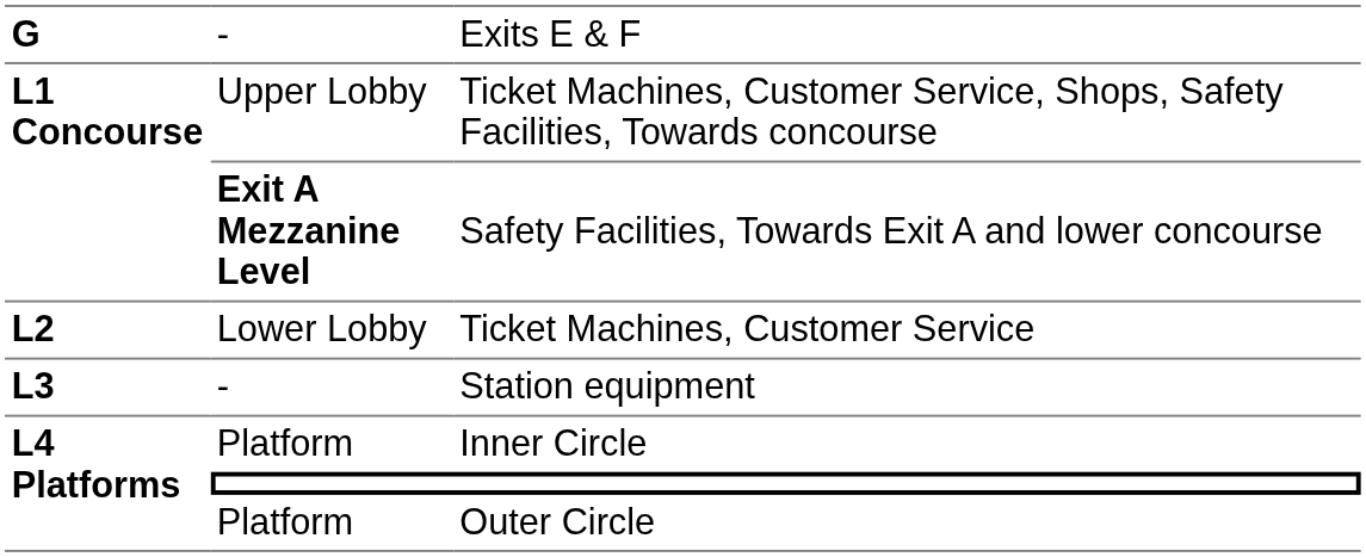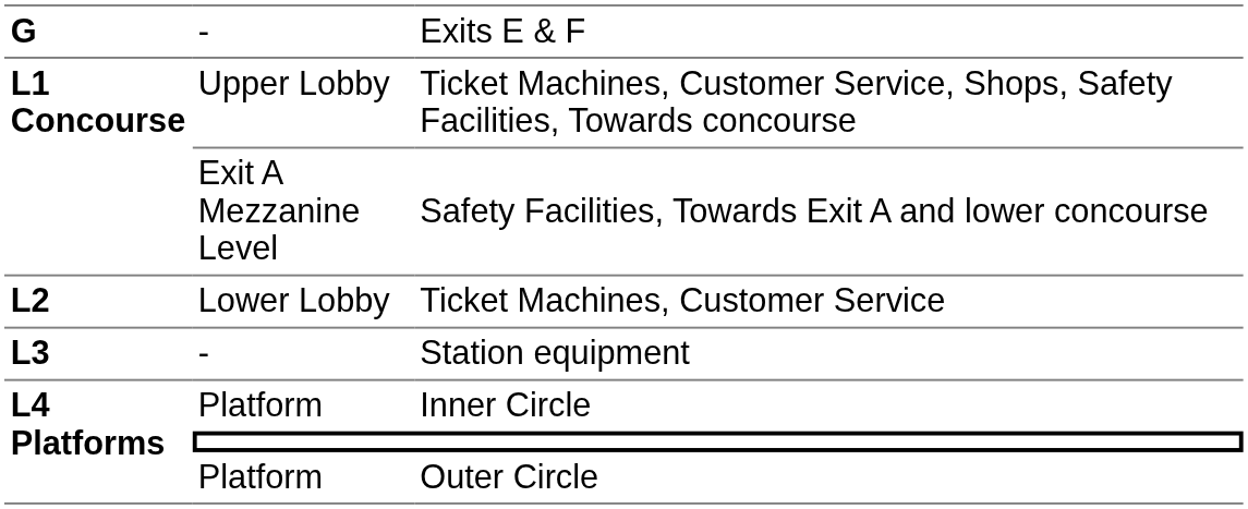 <table table border=0 cellspacing=0 cellpadding=3>
 <tr>
 <td style="border-top:solid 1px gray;" width=50 valign=top><strong>G</strong></td>
 <td style="border-top:solid 1px gray;" width=100 valign=top>-</td>
 <td style="border-top:solid 1px gray;" width=390 valign=top>Exits E & F</td>
 </tr>
 <tr>
 <td style="border-bottom:solid 0px gray; border-top:solid 1px gray;" valign=top rowspan=2><strong>L1<br>Concourse</strong></td>
 <td style="border-bottom:solid 1px gray; border-top:solid 1px gray;" valign=top> Upper Lobby</td>
 <td style="border-bottom:solid 1px gray; border-top:solid 1px gray;" valign=top>Ticket Machines, Customer Service, Shops, Safety Facilities, Towards  concourse</td>
 </tr>
 <tr>
-<td style="border-bottom:solid 0px gray; valign=top"><strong>Exit A Mezzanine Level</strong></td>
+<td style="border-bottom:solid 0px gray; valign=top">Exit A Mezzanine Level</td>
 <td style="border-bottom:solid 0px gray; valign=top">Safety Facilities, Towards Exit A and lower concourse</td>
 </tr>
 <tr>
 <td style="border-top:solid 1px gray;" valign=top><strong>L2</strong></td>
 <td style="border-top:solid 1px gray;" valign=top> Lower Lobby</td>
 <td style="border-top:solid 1px gray;" valign=top>Ticket Machines, Customer Service</td>
 </tr>
 <tr>
 <td style="border-top:solid 1px gray;" valign=top><strong>L3</strong></td>
 <td style="border-top:solid 1px gray;" valign=top>-</td>
 <td style="border-top:solid 1px gray;" valign=top>Station equipment</td>
 </tr>
 <tr>
 <td style="border-top:solid 1px gray; border-bottom:solid 1px gray;" valign=top width=50 rowspan=3><strong>L4<br>Platforms</strong></td>
 <td style="border-top:solid 1px gray;">Platform </td>
 <td style="border-top:solid 1px gray;">  Inner Circle </td>
 </tr>
 <tr>
 <td style="border-top:solid 2px black;border-right:solid 2px black;border-left:solid 2px black;border-bottom:solid 2px black;text-align:center;" colspan=2></td>
 </tr>
 <tr>
 <td style="border-bottom:solid 1px gray;">Platform </td>
 <td style="border-bottom:solid 1px gray;"> Outer Circle  </td>
 </tr>
 </table>
